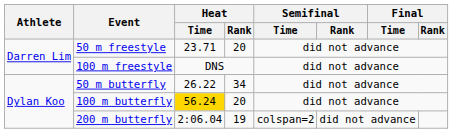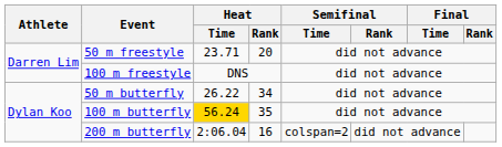 <table class=wikitable style="font-size:90%">
 <tr>
 <th rowspan=2>Athlete</th>
 <th rowspan=2>Event</th>
 <th colspan="2">Heat</th>
 <th colspan="2">Semifinal</th>
 <th colspan="2">Final</th>
 </tr>
 <tr style="font-size:95%">
 <th>Time</th>
 <th>Rank</th>
 <th>Time</th>
 <th>Rank</th>
 <th>Time</th>
 <th>Rank</th>
 </tr>
 <tr align=center>
 <td align=left rowspan=2><a href='#'>Darren Lim</a></td>
 <td align=left><a href='#'>50 m freestyle</a></td>
 <td>23.71</td>
 <td>20</td>
 <td colspan=4>did not advance</td>
 </tr>
 <tr align=center>
 <td align=left><a href='#'>100 m freestyle</a></td>
 <td colspan=2>DNS</td>
 <td colspan=4>did not advance</td>
 </tr>
 <tr align=center>
 <td align=left rowspan=3><a href='#'>Dylan Koo</a></td>
 <td align=left><a href='#'>50 m butterfly</a></td>
 <td>26.22</td>
 <td>34</td>
 <td colspan=4>did not advance</td>
 </tr>
 <tr align=center>
 <td align=left><a href='#'>100 m butterfly</a></td>
 <td style="background: gold;">56.24</td>
-<td>20</td>
+<td>35</td>
 <td colspan=4>did not advance</td>
 </tr>
 <tr align=center>
 <td align=left><a href='#'>200 m butterfly</a></td>
 <td>2:06.04</td>
-<td>19</td>
+<td>16</td>
 <td>colspan=2 </td>
 <td colspan=2>did not advance</td>
 </tr>
 </table>
